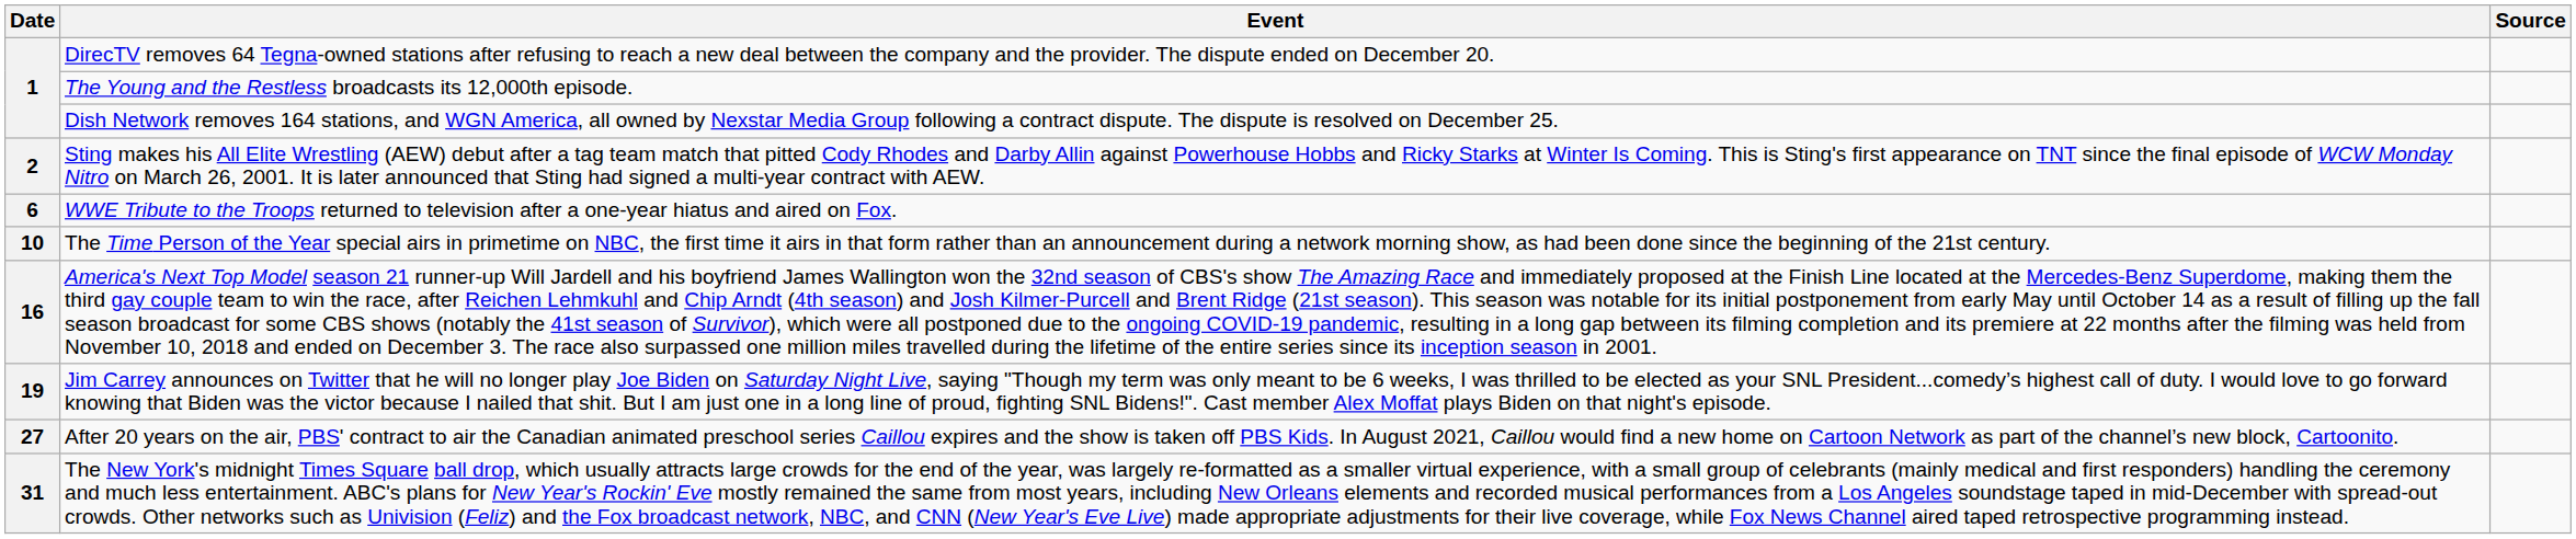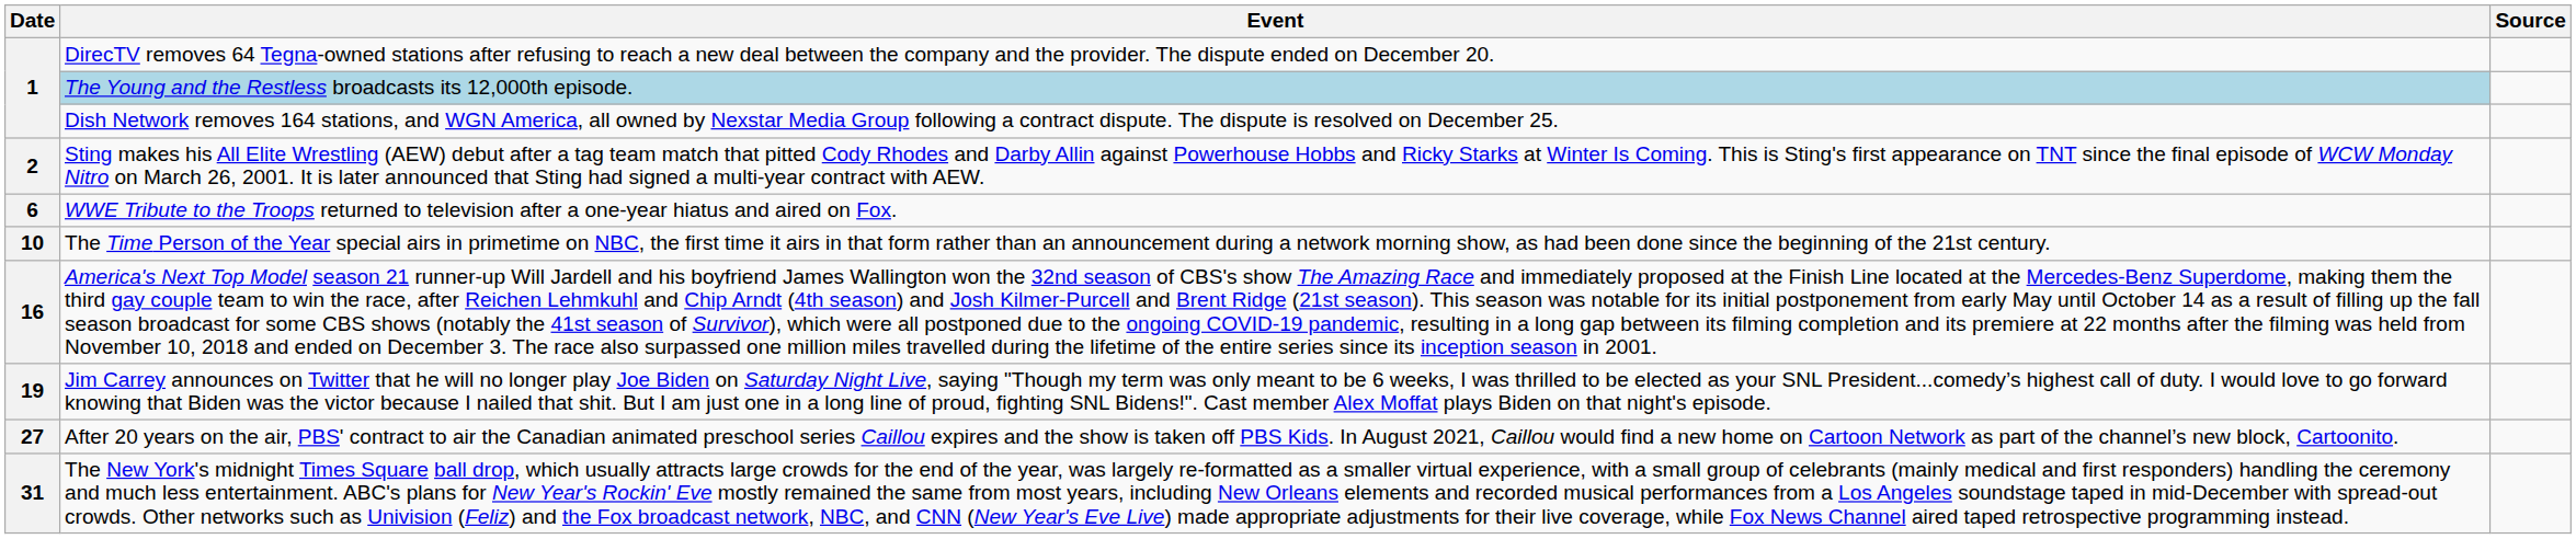 <table class="wikitable">
 <tr>
 <th>Date</th>
 <th>Event</th>
 <th>Source</th>
 </tr>
 <tr>
 <th rowspan=3>1</th>
 <td><a href='#'>DirecTV</a> removes 64 <a href='#'>Tegna</a>-owned stations after refusing to reach a new deal between the company and the provider. The dispute ended on December 20.</td>
 <td></td>
 </tr>
 <tr>
-<td><em><a href='#'>The Young and the Restless</a></em> broadcasts its 12,000th episode.</td>
+<td style="background: lightblue;"><em><a href='#'>The Young and the Restless</a></em> broadcasts its 12,000th episode.</td>
 </tr>
 <tr>
 <td><a href='#'>Dish Network</a> removes 164 stations, and <a href='#'>WGN America</a>, all owned by <a href='#'>Nexstar Media Group</a> following a contract dispute. The dispute is resolved on December 25.</td>
 <td></td>
 </tr>
 <tr>
 <th>2</th>
 <td><a href='#'>Sting</a> makes his <a href='#'>All Elite Wrestling</a> (AEW) debut after a tag team match that pitted <a href='#'>Cody Rhodes</a> and <a href='#'>Darby Allin</a> against <a href='#'>Powerhouse Hobbs</a> and <a href='#'>Ricky Starks</a> at <a href='#'>Winter Is Coming</a>. This is Sting's first appearance on <a href='#'>TNT</a> since the final episode of <em><a href='#'>WCW Monday Nitro</a></em> on March 26, 2001. It is later announced that Sting had signed a multi-year contract with AEW.</td>
 <td></td>
 </tr>
 <tr>
 <th>6</th>
 <td><em><a href='#'>WWE Tribute to the Troops</a></em> returned to television after a one-year hiatus and aired on <a href='#'>Fox</a>.</td>
 <td></td>
 </tr>
 <tr>
 <th>10</th>
 <td>The <a href='#'><em>Time</em> Person of the Year</a> special airs in primetime on <a href='#'>NBC</a>, the first time it airs in that form rather than an announcement during a network morning show, as had been done since the beginning of the 21st century.</td>
 <td></td>
 </tr>
 <tr>
 <th>16</th>
 <td><em><a href='#'>America's Next Top Model</a></em> <a href='#'>season 21</a> runner-up Will Jardell and his boyfriend James Wallington won the <a href='#'>32nd season</a> of CBS's show <em><a href='#'>The Amazing Race</a></em> and immediately proposed at the Finish Line located at the <a href='#'>Mercedes-Benz Superdome</a>, making them the third <a href='#'>gay couple</a> team to win the race, after <a href='#'>Reichen Lehmkuhl</a> and <a href='#'>Chip Arndt</a> (<a href='#'>4th season</a>) and <a href='#'>Josh Kilmer-Purcell</a> and <a href='#'>Brent Ridge</a> (<a href='#'>21st season</a>). This season was notable for its initial postponement from early May until October 14 as a result of filling up the fall season broadcast for some CBS shows (notably the <a href='#'>41st season</a> of <em><a href='#'>Survivor</a></em>), which were all postponed due to the <a href='#'>ongoing COVID-19 pandemic</a>, resulting in a long gap between its filming completion and its premiere at 22 months after the filming was held from November 10, 2018 and ended on December 3. The race also surpassed one million miles travelled during the lifetime of the entire series since its <a href='#'>inception season</a> in 2001.</td>
 <td><br></td>
 </tr>
 <tr>
 <th>19</th>
 <td><a href='#'>Jim Carrey</a> announces on <a href='#'>Twitter</a> that he will no longer play <a href='#'>Joe Biden</a> on <em><a href='#'>Saturday Night Live</a></em>, saying "Though my term was only meant to be 6 weeks, I was thrilled to be elected as your SNL President...comedy’s highest call of duty. I would love to go forward knowing that Biden was the victor because I nailed that shit. But I am just one in a long line of proud, fighting SNL Bidens!". Cast member <a href='#'>Alex Moffat</a> plays Biden on that night's episode.</td>
 <td></td>
 </tr>
 <tr>
 <th>27</th>
 <td>After 20 years on the air, <a href='#'>PBS</a>' contract to air the Canadian animated preschool series <em><a href='#'>Caillou</a></em> expires and the show is taken off <a href='#'>PBS Kids</a>. In August 2021, <em>Caillou</em> would find a new home on <a href='#'>Cartoon Network</a> as part of the channel’s new block, <a href='#'>Cartoonito</a>.</td>
 <td></td>
 </tr>
 <tr>
 <th>31</th>
 <td>The <a href='#'>New York</a>'s midnight <a href='#'>Times Square</a> <a href='#'>ball drop</a>, which usually attracts large crowds for the end of the year, was largely re-formatted as a smaller virtual experience, with a small group of celebrants (mainly medical and first responders) handling the ceremony and much less entertainment. ABC's plans for <em><a href='#'>New Year's Rockin' Eve</a></em> mostly remained the same from most years, including <a href='#'>New Orleans</a> elements and recorded musical performances from a <a href='#'>Los Angeles</a> soundstage taped in mid-December with spread-out crowds. Other networks such as <a href='#'>Univision</a> (<em><a href='#'>Feliz</a></em>) and <a href='#'>the Fox broadcast network</a>, <a href='#'>NBC</a>, and <a href='#'>CNN</a> (<em><a href='#'>New Year's Eve Live</a></em>) made appropriate adjustments for their live coverage, while <a href='#'>Fox News Channel</a> aired taped retrospective programming instead.</td>
 <td></td>
 </tr>
 </table>
